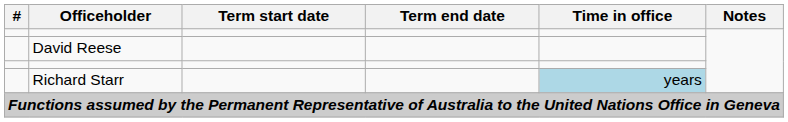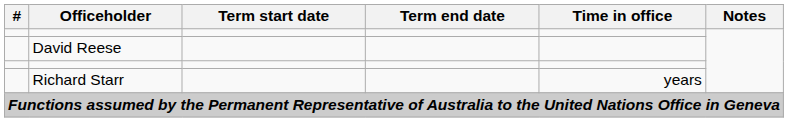 <table class='wikitable sortable'>
 <tr>
 <th>#</th>
 <th>Officeholder</th>
 <th>Term start date</th>
 <th>Term end date</th>
 <th>Time in office</th>
 <th>Notes</th>
 </tr>
 <tr>
 <td align=center></td>
 <td></td>
 <td align=center></td>
 <td align=center></td>
 <td align=right><strong></strong></td>
 <td rowspan=4></td>
 </tr>
 <tr>
 <td align=center></td>
 <td>David Reese</td>
 <td align=center></td>
 <td align=center></td>
 <td align=right></td>
 </tr>
 <tr>
 <td align=center></td>
 <td></td>
 <td align=center></td>
 <td align=center></td>
 <td align=right></td>
 </tr>
 <tr>
 <td align=center></td>
 <td>Richard Starr</td>
 <td align=center></td>
 <td align=center></td>
-<td align=right style="background: lightblue;"> years</td>
+<td align=right> years</td>
 </tr>
 <tr>
 <th colspan=8 style="background: #cccccc;"><em>Functions assumed by the Permanent Representative of Australia to the United Nations Office in Geneva</em></th>
 </tr>
 </table>
